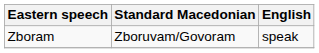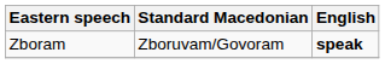 <table class="wikitable" border="1">
 <tr>
 <th>Eastern speech</th>
 <th>Standard Macedonian</th>
 <th>English</th>
 </tr>
 <tr>
 <td>Zboram</td>
 <td>Zboruvam/Govoram</td>
-<td>speak</td>
+<td><strong>speak</strong></td>
 </tr>
 <tr>
 </tr>
 </table>
